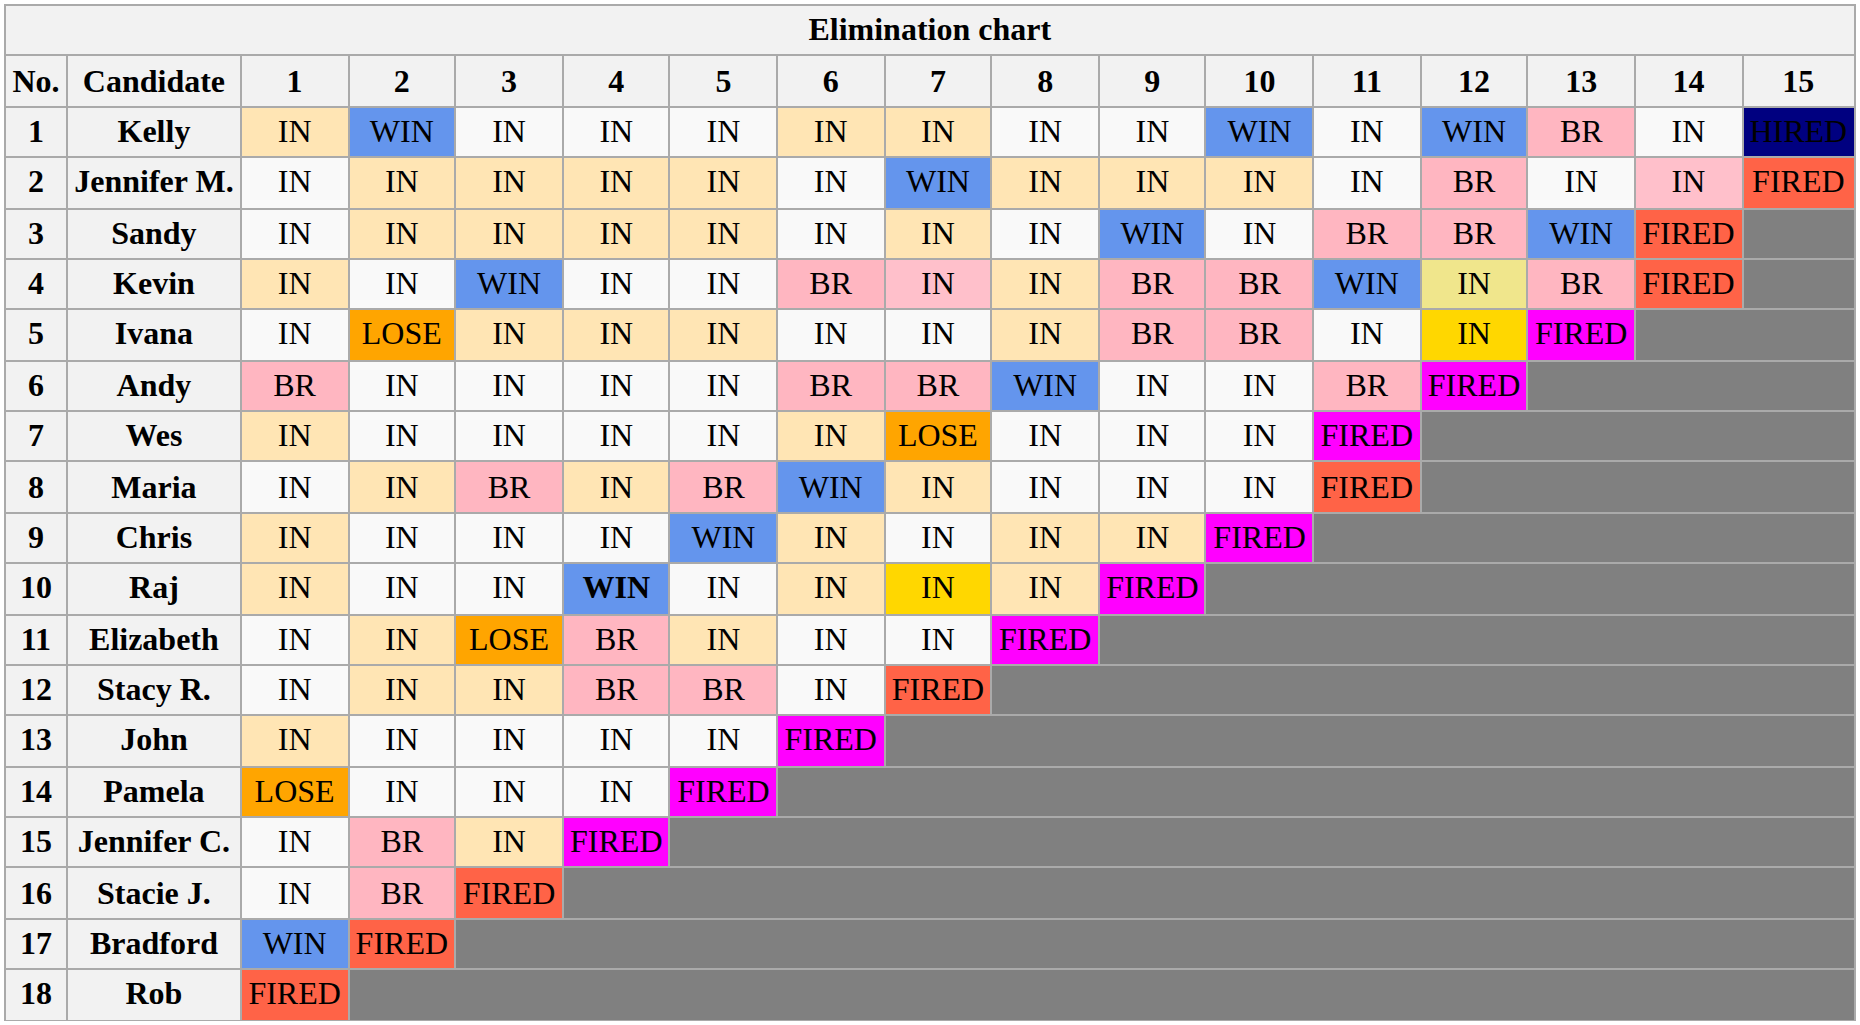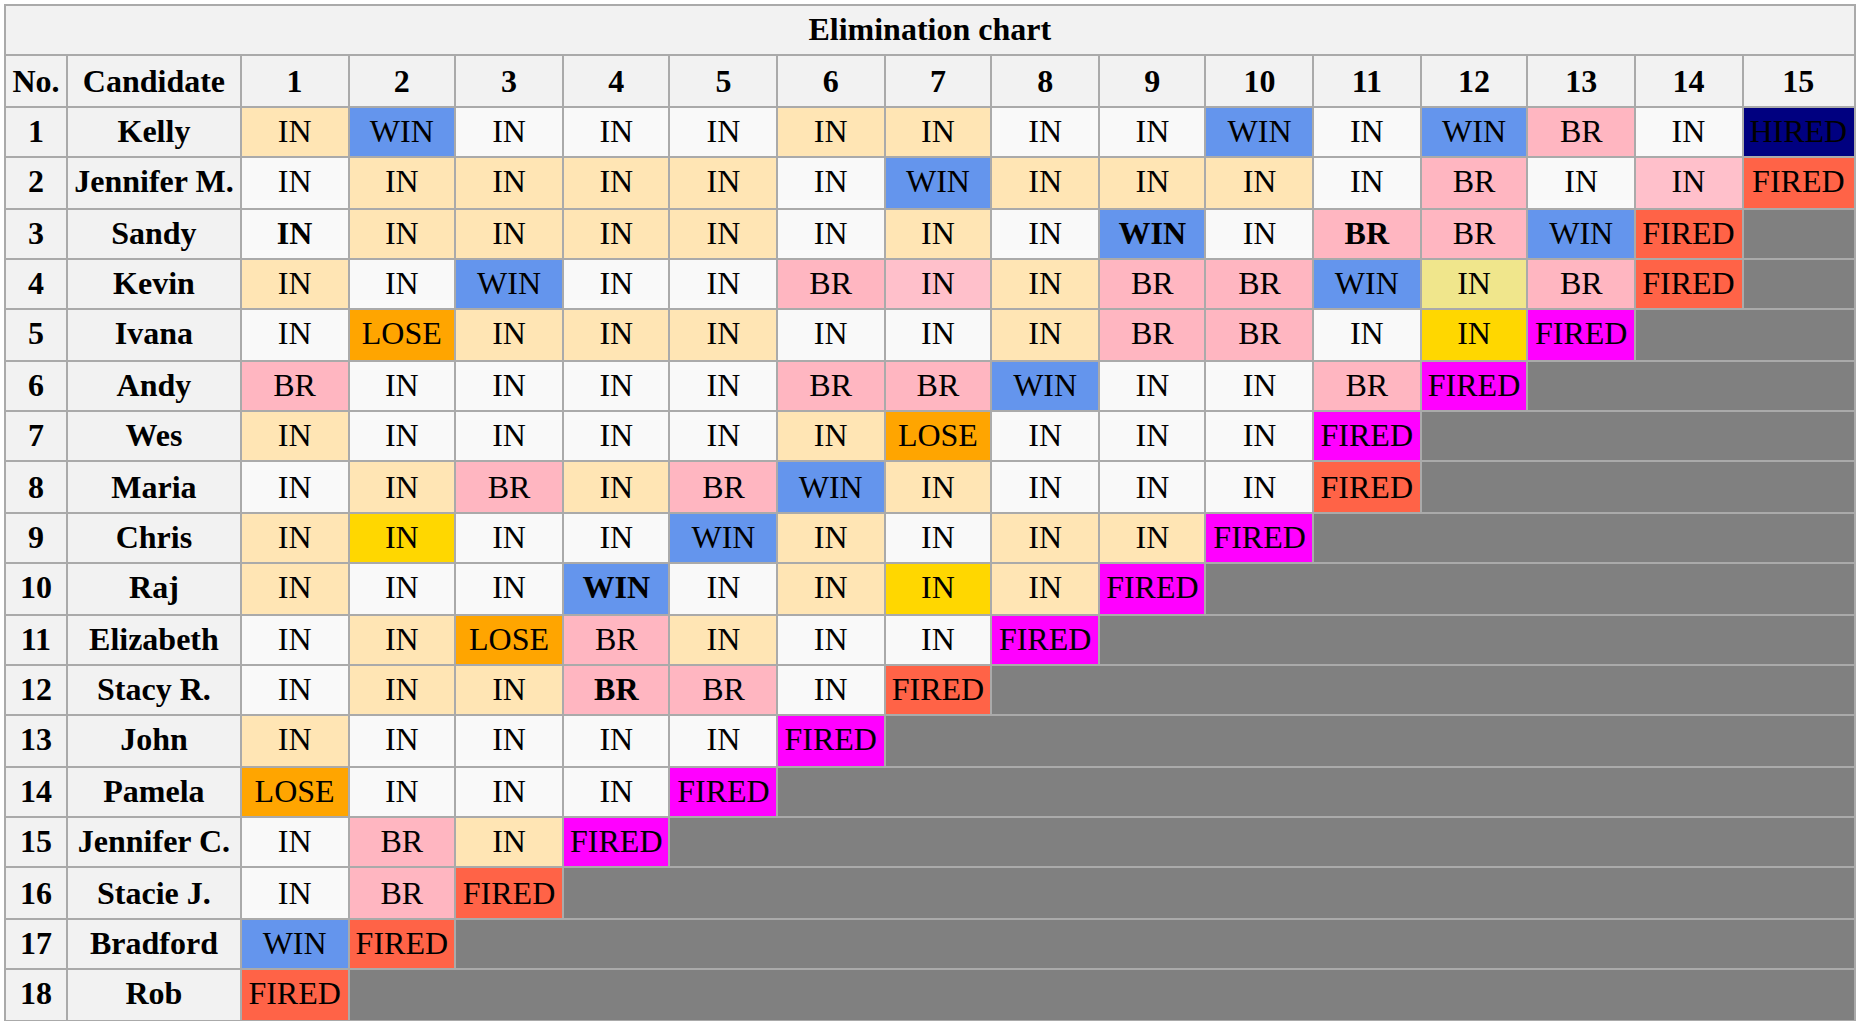 <table class="wikitable" style="text-align:center;">
 <tr>
 <th colspan="17">Elimination chart</th>
 </tr>
 <tr>
 <th>No.</th>
 <th>Candidate</th>
 <th>1</th>
 <th>2</th>
 <th>3</th>
 <th>4</th>
 <th>5</th>
 <th>6</th>
 <th>7</th>
 <th>8</th>
 <th>9</th>
 <th>10</th>
 <th>11</th>
 <th>12</th>
 <th>13</th>
 <th>14</th>
 <th>15</th>
 </tr>
 <tr>
 <th>1</th>
 <th>Kelly</th>
 <td style="background:#ffe5b4;">IN</td>
 <td style="background:cornflowerblue;">WIN</td>
 <td>IN</td>
 <td>IN</td>
 <td>IN</td>
 <td style="background:#ffe5b4;">IN</td>
 <td style="background:#ffe5b4;">IN</td>
 <td>IN</td>
 <td>IN</td>
 <td style="background:cornflowerblue;">WIN</td>
 <td>IN</td>
 <td style="background:cornflowerblue;">WIN</td>
 <td style="background:lightpink;">BR</td>
 <td>IN</td>
 <td style="background:navy;"><span> HIRED </span></td>
 </tr>
 <tr>
 <th>2</th>
 <th>Jennifer M.</th>
 <td>IN</td>
 <td style="background:#ffe5b4;">IN</td>
 <td style="background:#ffe5b4;">IN</td>
 <td style="background:#ffe5b4;">IN</td>
 <td style="background:#ffe5b4;">IN</td>
 <td>IN</td>
 <td style="background:cornflowerblue;">WIN</td>
 <td style="background:#ffe5b4;">IN</td>
 <td style="background:#ffe5b4;">IN</td>
 <td style="background:#ffe5b4;">IN</td>
 <td>IN</td>
 <td style="background:lightpink;">BR</td>
 <td>IN</td>
 <td style="background: pink;">IN</td>
 <td style="background:tomato;">FIRED</td>
 </tr>
 <tr>
 <th>3</th>
 <th>Sandy</th>
-<td>IN</td>
+<td><strong>IN</strong></td>
 <td style="background:#ffe5b4;">IN</td>
 <td style="background:#ffe5b4;">IN</td>
 <td style="background:#ffe5b4;">IN</td>
 <td style="background:#ffe5b4;">IN</td>
 <td>IN</td>
 <td style="background:#ffe5b4;">IN</td>
 <td>IN</td>
-<td style="background:cornflowerblue;">WIN</td>
+<td style="background:cornflowerblue;"><strong>WIN</strong></td>
 <td>IN</td>
-<td style="background:lightpink;">BR</td>
+<td style="background:lightpink;"><strong>BR</strong></td>
 <td style="background:lightpink;">BR</td>
 <td style="background:cornflowerblue;">WIN</td>
 <td style="background:tomato;">FIRED</td>
 <td style="background:gray;"></td>
 </tr>
 <tr>
 <th>4</th>
 <th>Kevin</th>
 <td style="background:#ffe5b4;">IN</td>
 <td>IN</td>
 <td style="background:cornflowerblue;">WIN</td>
 <td>IN</td>
 <td>IN</td>
 <td style="background:lightpink;">BR</td>
 <td style="background: pink;">IN</td>
 <td style="background:#ffe5b4;">IN</td>
 <td style="background:lightpink;">BR</td>
 <td style="background:lightpink;">BR</td>
 <td style="background:cornflowerblue;">WIN</td>
 <td style="background: khaki;">IN</td>
 <td style="background:lightpink;">BR</td>
 <td style="background:tomato;">FIRED</td>
 <td style="background:gray;"></td>
 </tr>
 <tr>
 <th>5</th>
 <th>Ivana</th>
 <td>IN</td>
 <td style="background:orange;">LOSE</td>
 <td style="background:#ffe5b4;">IN</td>
 <td style="background:#ffe5b4;">IN</td>
 <td style="background:#ffe5b4;">IN</td>
 <td>IN</td>
 <td>IN</td>
 <td style="background:#ffe5b4;">IN</td>
 <td style="background:lightpink;">BR</td>
 <td style="background:lightpink;">BR</td>
 <td>IN</td>
 <td style="background: gold;">IN</td>
 <td style="background:magenta;">FIRED</td>
 <td colspan="2" style="background:gray;"></td>
 </tr>
 <tr>
 <th>6</th>
 <th>Andy</th>
 <td style="background:lightpink;">BR</td>
 <td>IN</td>
 <td>IN</td>
 <td>IN</td>
 <td>IN</td>
 <td style="background:lightpink;">BR</td>
 <td style="background:lightpink;">BR</td>
 <td style="background:cornflowerblue;">WIN</td>
 <td>IN</td>
 <td>IN</td>
 <td style="background:lightpink;">BR</td>
 <td style="background:magenta;">FIRED</td>
 <td colspan="3" style="background:gray;"></td>
 </tr>
 <tr>
 <th>7</th>
 <th>Wes</th>
 <td style="background:#ffe5b4;">IN</td>
 <td>IN</td>
 <td>IN</td>
 <td>IN</td>
 <td>IN</td>
 <td style="background:#ffe5b4;">IN</td>
 <td style="background:orange;">LOSE</td>
 <td>IN</td>
 <td>IN</td>
 <td>IN</td>
 <td style="background:magenta;">FIRED</td>
 <td colspan="4" style="background:gray;"></td>
 </tr>
 <tr>
 <th>8</th>
 <th>Maria</th>
 <td>IN</td>
 <td style="background:#ffe5b4;">IN</td>
 <td style="background:lightpink;">BR</td>
 <td style="background:#ffe5b4;">IN</td>
 <td style="background:lightpink;">BR</td>
 <td style="background:cornflowerblue;">WIN</td>
 <td style="background:#ffe5b4;">IN</td>
 <td>IN</td>
 <td>IN</td>
 <td>IN</td>
 <td style="background:tomato;">FIRED</td>
 <td colspan="6" style="background:gray;"></td>
 </tr>
 <tr>
 <th>9</th>
 <th>Chris</th>
 <td style="background:#ffe5b4;">IN</td>
-<td>IN</td>
+<td style="background: gold;">IN</td>
 <td>IN</td>
 <td>IN</td>
 <td style="background:cornflowerblue;">WIN</td>
 <td style="background:#ffe5b4;">IN</td>
 <td>IN</td>
 <td style="background:#ffe5b4;">IN</td>
 <td style="background:#ffe5b4;">IN</td>
 <td style="background:magenta;">FIRED</td>
 <td colspan="6" style="background:gray;"></td>
 </tr>
 <tr>
 <th>10</th>
 <th>Raj</th>
 <td style="background:#ffe5b4;">IN</td>
 <td>IN</td>
 <td>IN</td>
 <td style="background:cornflowerblue;"><strong>WIN</strong></td>
 <td>IN</td>
 <td style="background:#ffe5b4;">IN</td>
 <td style="background: gold;">IN</td>
 <td style="background:#ffe5b4;">IN</td>
 <td style="background:magenta;">FIRED</td>
 <td colspan="7" style="background:gray;"></td>
 </tr>
 <tr>
 <th>11</th>
 <th>Elizabeth</th>
 <td>IN</td>
 <td style="background:#ffe5b4;">IN</td>
 <td style="background:orange;">LOSE</td>
 <td style="background:lightpink;">BR</td>
 <td style="background:#ffe5b4;">IN</td>
 <td>IN</td>
 <td>IN</td>
 <td style="background:magenta;">FIRED</td>
 <td colspan="8" style="background:gray;"></td>
 </tr>
 <tr>
 <th>12</th>
 <th>Stacy R.</th>
 <td>IN</td>
 <td style="background:#ffe5b4;">IN</td>
 <td style="background:#ffe5b4;">IN</td>
-<td style="background:lightpink;">BR</td>
+<td style="background:lightpink;"><strong>BR</strong></td>
 <td style="background:lightpink;">BR</td>
 <td>IN</td>
 <td style="background:tomato;">FIRED</td>
 <td colspan="9" style="background:gray;"></td>
 </tr>
 <tr>
 <th>13</th>
 <th>John</th>
 <td style="background:#ffe5b4;">IN</td>
 <td>IN</td>
 <td>IN</td>
 <td>IN</td>
 <td>IN</td>
 <td style="background:magenta;">FIRED</td>
 <td colspan="10" style="background:gray;"></td>
 </tr>
 <tr>
 <th>14</th>
 <th>Pamela</th>
 <td style="background:orange;">LOSE</td>
 <td>IN</td>
 <td>IN</td>
 <td>IN</td>
 <td style="background:magenta;">FIRED</td>
 <td colspan="11" style="background:gray;"></td>
 </tr>
 <tr>
 <th>15</th>
 <th>Jennifer C.</th>
 <td>IN</td>
 <td style="background:lightpink;">BR</td>
 <td style="background:#ffe5b4;">IN</td>
 <td style="background:magenta;">FIRED</td>
 <td colspan="12" style="background:gray;"></td>
 </tr>
 <tr>
 <th>16</th>
 <th>Stacie J.</th>
 <td>IN</td>
 <td style="background:lightpink;">BR</td>
 <td style="background:tomato;">FIRED</td>
 <td colspan="13" style="background:gray;"></td>
 </tr>
 <tr>
 <th>17</th>
 <th>Bradford</th>
 <td style="background:cornflowerblue;">WIN</td>
 <td style="background:tomato;">FIRED</td>
 <td colspan="14" style="background:gray;"></td>
 </tr>
 <tr>
 <th>18</th>
 <th>Rob</th>
 <td style="background:tomato;">FIRED</td>
 <td colspan="15" style="background:gray;"></td>
 </tr>
 </table>
